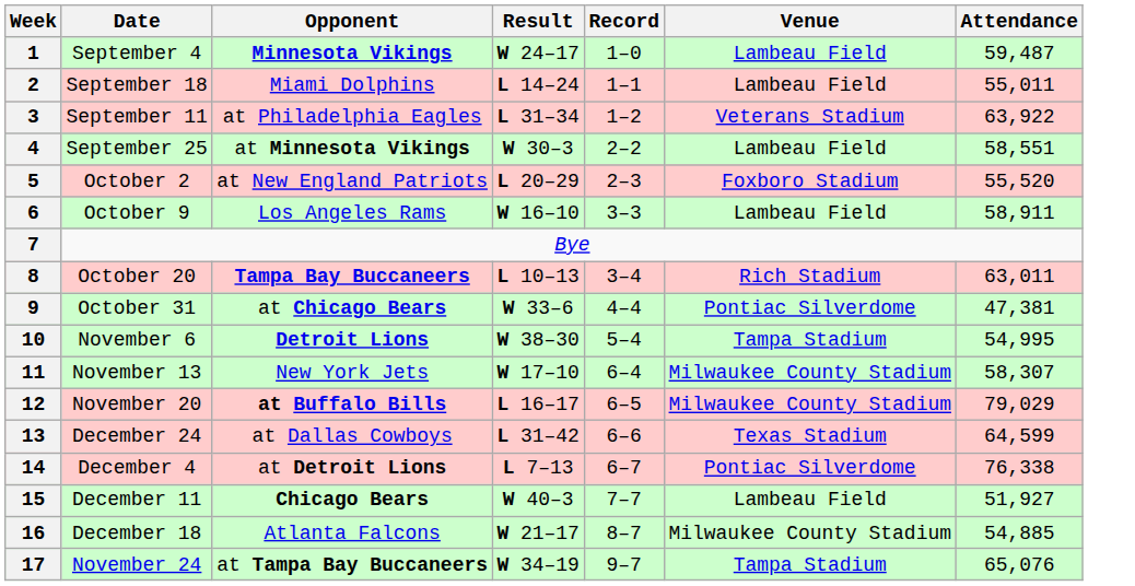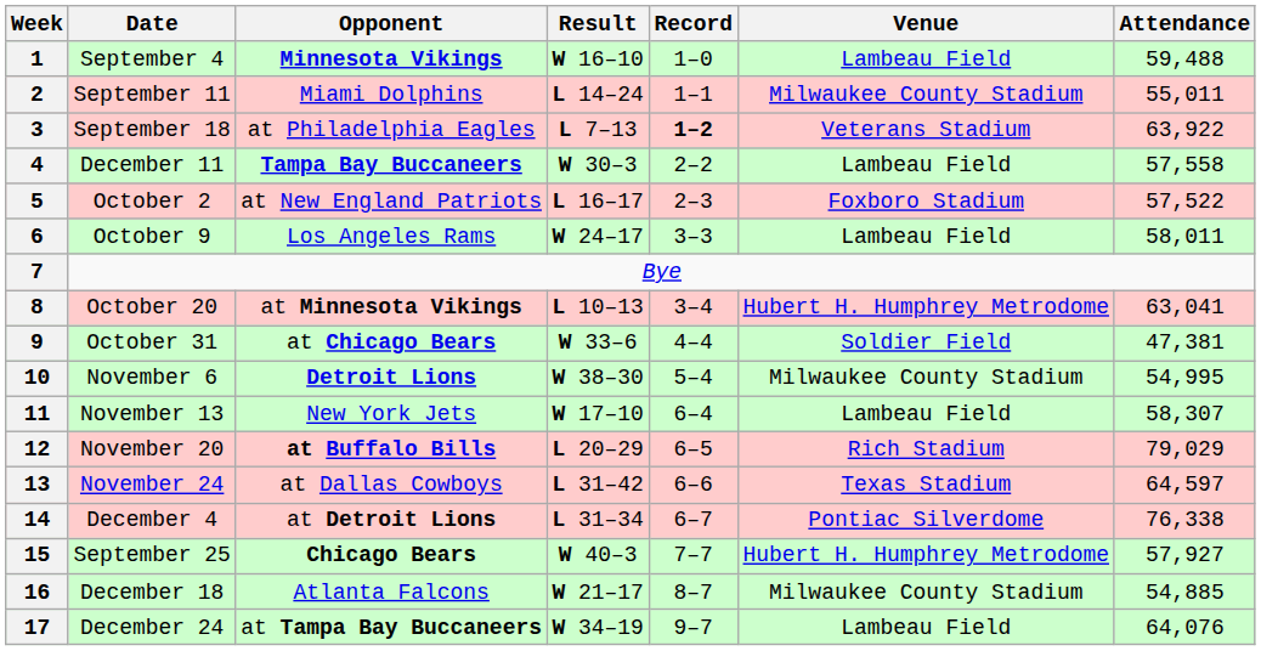 <table class="wikitable" style="text-align:center">
 <tr>
 <th>Week</th>
 <th>Date</th>
 <th>Opponent</th>
 <th>Result</th>
 <th>Record</th>
 <th>Venue</th>
 <th>Attendance</th>
 </tr>
 <tr style="background:#cfc">
 <th>1</th>
 <td>September 4</td>
 <td><strong><a href='#'>Minnesota Vikings</a></strong></td>
-<td><strong>W</strong> 24–17</td>
+<td><strong>W</strong> 16–10</td>
 <td>1–0</td>
 <td><a href='#'>Lambeau Field</a></td>
-<td>59,487</td>
+<td>59,488</td>
 </tr>
 <tr style="background:#fcc">
 <th>2</th>
-<td>September 18</td>
+<td>September 11</td>
 <td><a href='#'>Miami Dolphins</a></td>
 <td><strong>L</strong> 14–24</td>
 <td>1–1</td>
-<td>Lambeau Field</td>
+<td><a href='#'>Milwaukee County Stadium</a></td>
 <td>55,011</td>
 </tr>
 <tr style="background:#fcc">
 <th>3</th>
-<td>September 11</td>
+<td>September 18</td>
 <td>at <a href='#'>Philadelphia Eagles</a></td>
-<td><strong>L</strong> 31–34</td>
-<td>1–2</td>
+<td><strong>L</strong> 7–13</td>
+<td><strong>1–2</strong></td>
 <td><a href='#'>Veterans Stadium</a></td>
 <td>63,922</td>
 </tr>
 <tr style="background:#cfc">
 <th>4</th>
-<td>September 25</td>
-<td>at <strong>Minnesota Vikings</strong></td>
+<td>December 11</td>
+<td><strong><a href='#'>Tampa Bay Buccaneers</a></strong></td>
 <td><strong>W</strong> 30–3</td>
 <td>2–2</td>
 <td>Lambeau Field</td>
-<td>58,551</td>
+<td>57,558</td>
 </tr>
 <tr style="background:#fcc">
 <th>5</th>
 <td>October 2</td>
 <td>at <a href='#'>New England Patriots</a></td>
-<td><strong>L</strong> 20–29</td>
+<td><strong>L</strong> 16–17</td>
 <td>2–3</td>
 <td><a href='#'>Foxboro Stadium</a></td>
-<td>55,520</td>
+<td>57,522</td>
 </tr>
 <tr style="background:#cfc">
 <th>6</th>
 <td>October 9</td>
 <td><a href='#'>Los Angeles Rams</a></td>
-<td><strong>W</strong> 16–10</td>
+<td><strong>W</strong> 24–17</td>
 <td>3–3</td>
 <td>Lambeau Field</td>
-<td>58,911</td>
+<td>58,011</td>
 </tr>
 <tr style="text-align:center;">
 <th>7</th>
 <td colspan="6"><em><a href='#'>Bye</a></em></td>
 </tr>
 <tr style="background:#fcc">
 <th>8</th>
 <td>October 20</td>
-<td><strong><a href='#'>Tampa Bay Buccaneers</a></strong></td>
+<td>at <strong>Minnesota Vikings</strong></td>
 <td><strong>L</strong> 10–13 </td>
 <td>3–4</td>
-<td><a href='#'>Rich Stadium</a></td>
-<td>63,011</td>
+<td><a href='#'>Hubert H. Humphrey Metrodome</a></td>
+<td>63,041</td>
 </tr>
 <tr style="background:#cfc">
 <th>9</th>
 <td>October 31</td>
 <td>at <strong><a href='#'>Chicago Bears</a></strong></td>
 <td><strong>W</strong> 33–6</td>
 <td>4–4</td>
-<td><a href='#'>Pontiac Silverdome</a></td>
+<td><a href='#'>Soldier Field</a></td>
 <td>47,381</td>
 </tr>
 <tr style="background:#cfc">
 <th>10</th>
 <td>November 6</td>
 <td><strong><a href='#'>Detroit Lions</a></strong></td>
 <td><strong>W</strong> 38–30</td>
 <td>5–4</td>
-<td><a href='#'>Tampa Stadium</a></td>
+<td>Milwaukee County Stadium</td>
 <td>54,995</td>
 </tr>
 <tr style="background:#cfc">
 <th>11</th>
 <td>November 13</td>
 <td><a href='#'>New York Jets</a></td>
 <td><strong>W</strong> 17–10</td>
 <td>6–4</td>
-<td><a href='#'>Milwaukee County Stadium</a></td>
+<td>Lambeau Field</td>
 <td>58,307</td>
 </tr>
 <tr style="background:#fcc">
 <th>12</th>
 <td>November 20</td>
 <td><strong>at <a href='#'>Buffalo Bills</a></strong></td>
-<td><strong>L</strong> 16–17</td>
+<td><strong>L</strong> 20–29</td>
 <td>6–5</td>
-<td><a href='#'>Milwaukee County Stadium</a></td>
+<td><a href='#'>Rich Stadium</a></td>
 <td>79,029</td>
 </tr>
 <tr style="background:#fcc">
 <th>13</th>
-<td>December 24</td>
+<td><a href='#'>November 24</a></td>
 <td>at <a href='#'>Dallas Cowboys</a></td>
 <td><strong>L</strong> 31–42</td>
 <td>6–6</td>
 <td><a href='#'>Texas Stadium</a></td>
-<td>64,599</td>
+<td>64,597</td>
 </tr>
 <tr style="background:#fcc">
 <th>14</th>
 <td>December 4</td>
 <td>at <strong>Detroit Lions</strong></td>
-<td><strong>L</strong> 7–13</td>
+<td><strong>L</strong> 31–34</td>
 <td>6–7</td>
 <td><a href='#'>Pontiac Silverdome</a></td>
 <td>76,338</td>
 </tr>
 <tr style="background:#cfc">
 <th>15</th>
-<td>December 11</td>
+<td>September 25</td>
 <td><strong>Chicago Bears</strong></td>
 <td><strong>W</strong> 40–3</td>
 <td>7–7</td>
-<td>Lambeau Field</td>
-<td>51,927</td>
+<td><a href='#'>Hubert H. Humphrey Metrodome</a></td>
+<td>57,927</td>
 </tr>
 <tr style="background:#cfc">
 <th>16</th>
 <td>December 18</td>
 <td><a href='#'>Atlanta Falcons</a></td>
 <td><strong>W</strong> 21–17</td>
 <td>8–7</td>
 <td>Milwaukee County Stadium</td>
 <td>54,885</td>
 </tr>
 <tr style="background:#cfc">
 <th>17</th>
-<td><a href='#'>November 24</a></td>
+<td>December 24</td>
 <td>at <strong>Tampa Bay Buccaneers</strong></td>
 <td><strong>W</strong> 34–19</td>
 <td>9–7</td>
-<td><a href='#'>Tampa Stadium</a></td>
-<td>65,076</td>
+<td>Lambeau Field</td>
+<td>64,076</td>
 </tr>
 </table>
